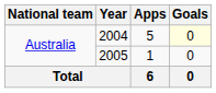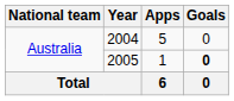 <table class="wikitable" style="text-align:center">
 <tr>
 <th>National team</th>
 <th>Year</th>
 <th>Apps</th>
 <th>Goals</th>
 </tr>
 <tr>
 <td rowspan="2"><a href='#'>Australia</a></td>
 <td>2004</td>
 <td>5</td>
-<td style="background: lightyellow;">0</td>
+<td>0</td>
 </tr>
 <tr>
 <td>2005</td>
 <td>1</td>
-<td>0</td>
+<td><strong>0</strong></td>
 </tr>
 <tr>
 <th colspan="2">Total</th>
 <th>6</th>
 <th>0</th>
 </tr>
 </table>
